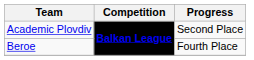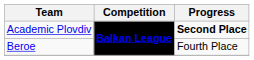 <table class="wikitable sortable">
 <tr>
 <th>Team</th>
 <th>Competition</th>
 <th>Progress</th>
 </tr>
 <tr>
 <td><a href='#'>Academic Plovdiv</a></td>
 <td align="center" style="background:black;" rowspan=2><a href='#'><span><strong>Balkan League</strong></span></a></td>
-<td>Second Place</td>
+<td><strong>Second Place</strong></td>
 </tr>
 <tr>
 <td><a href='#'>Beroe</a></td>
 <td>Fourth Place</td>
 </tr>
 <tr>
 </tr>
 </table>
